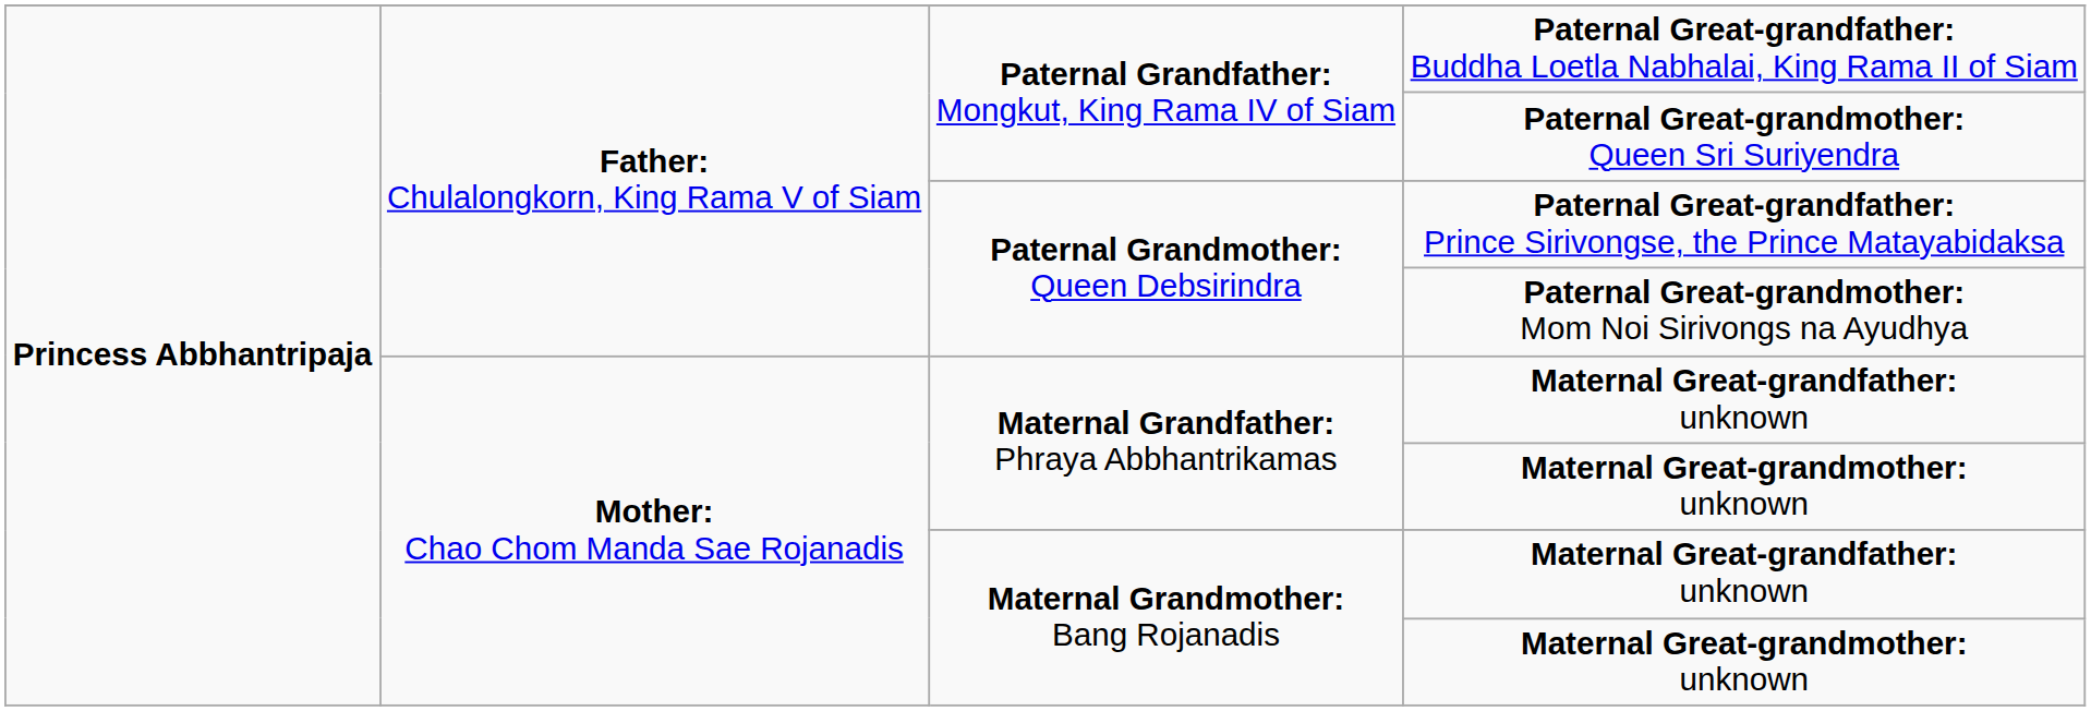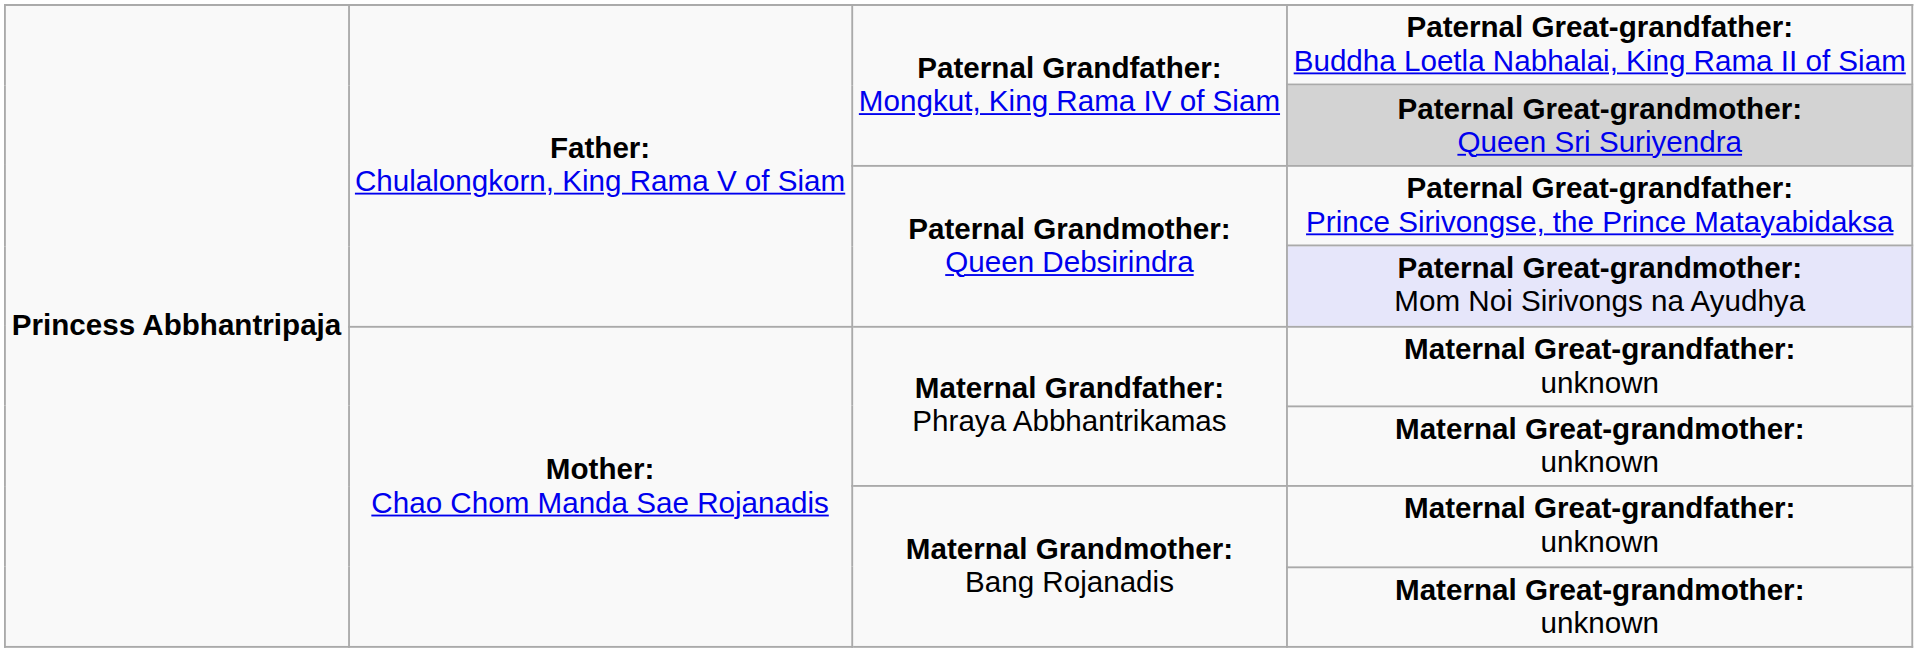 <table class="wikitable">
 <tr>
 </tr>
 <tr>
 <td rowspan="8" align="center"><strong>Princess Abbhantripaja</strong></td>
 <td rowspan="4" align="center"><strong>Father:</strong><br><a href='#'>Chulalongkorn, King Rama V of Siam</a></td>
 <td rowspan="2" align="center"><strong>Paternal Grandfather:</strong><br><a href='#'>Mongkut, King Rama IV of Siam</a></td>
 <td align = "center"><strong>Paternal Great-grandfather:</strong><br><a href='#'>Buddha Loetla Nabhalai, King Rama II of Siam</a></td>
 </tr>
 <tr>
-<td align = "center"><strong>Paternal Great-grandmother:</strong><br><a href='#'>Queen Sri Suriyendra</a></td>
+<td align = "center" style="background: lightgrey;"><strong>Paternal Great-grandmother:</strong><br><a href='#'>Queen Sri Suriyendra</a></td>
 </tr>
 <tr>
 <td rowspan="2" align="center"><strong>Paternal Grandmother:</strong><br><a href='#'>Queen Debsirindra</a></td>
 <td align = "center"><strong>Paternal Great-grandfather:</strong><br><a href='#'>Prince Sirivongse, the Prince Matayabidaksa</a></td>
 </tr>
 <tr>
-<td align = "center"><strong>Paternal Great-grandmother:</strong><br>Mom Noi Sirivongs na Ayudhya</td>
+<td align = "center" style="background: lavender;"><strong>Paternal Great-grandmother:</strong><br>Mom Noi Sirivongs na Ayudhya</td>
 </tr>
 <tr>
 <td rowspan="4" align="center"><strong>Mother:</strong><br><a href='#'>Chao Chom Manda Sae Rojanadis</a></td>
 <td rowspan="2" align="center"><strong>Maternal Grandfather:</strong><br>Phraya Abbhantrikamas</td>
 <td align = "center"><strong>Maternal Great-grandfather:</strong><br>unknown</td>
 </tr>
 <tr>
 <td align = "center"><strong>Maternal Great-grandmother:</strong><br>unknown</td>
 </tr>
 <tr>
 <td rowspan="2" align="center"><strong>Maternal Grandmother:</strong><br>Bang Rojanadis</td>
 <td align = "center"><strong>Maternal Great-grandfather:</strong><br>unknown</td>
 </tr>
 <tr>
 <td align = "center"><strong>Maternal Great-grandmother:</strong><br>unknown</td>
 </tr>
 </table>
